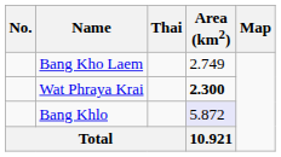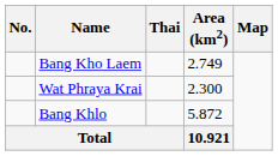 <table class="wikitable sortable">
 <tr>
 <th>No.</th>
 <th>Name</th>
 <th>Thai</th>
 <th>Area<br>(km<sup>2</sup>)</th>
 <th>Map</th>
 </tr>
 <tr>
 <td></td>
 <td><a href='#'>Bang Kho Laem</a></td>
 <td></td>
 <td><div>2.749</div></td>
 <td rowspan=4></td>
 </tr>
 <tr>
 <td></td>
 <td><a href='#'>Wat Phraya Krai</a></td>
 <td></td>
-<td><strong><div>2.300</div></strong></td>
+<td><div>2.300</div></td>
 </tr>
 <tr>
 <td></td>
 <td><a href='#'>Bang Khlo</a></td>
 <td></td>
-<td style="background: lavender;"><div>5.872</div></td>
+<td><div>5.872</div></td>
 </tr>
 <tr>
 <th colspan=3>Total</th>
 <th><div>10.921</div></th>
 </tr>
 </table>
